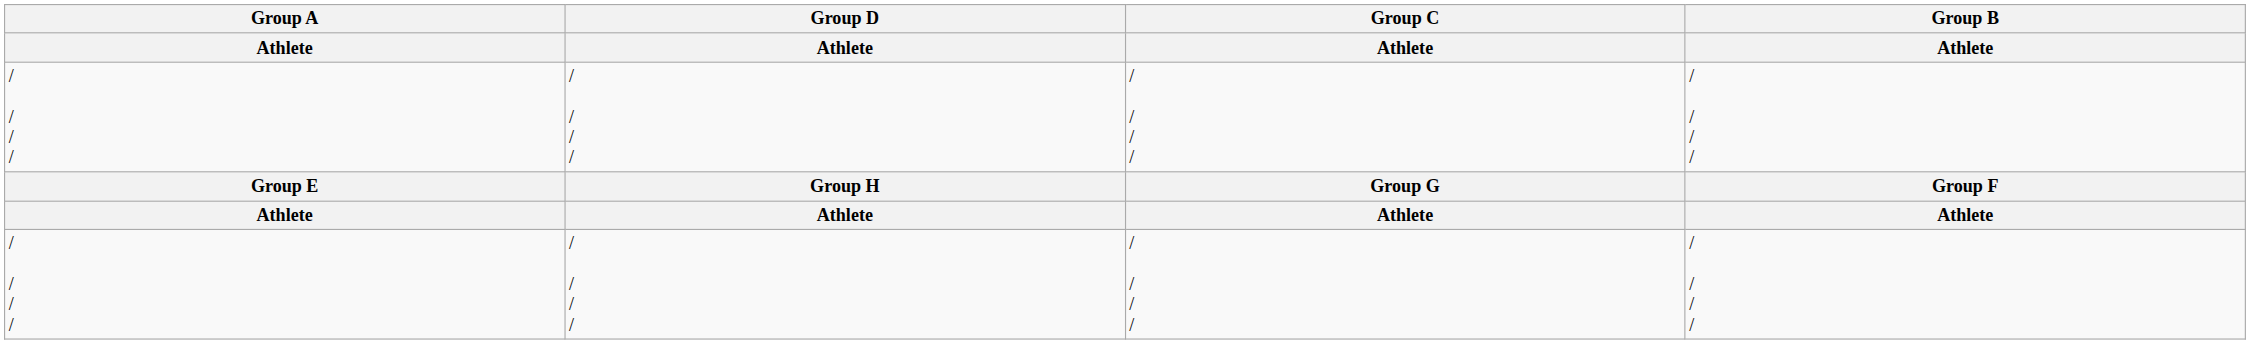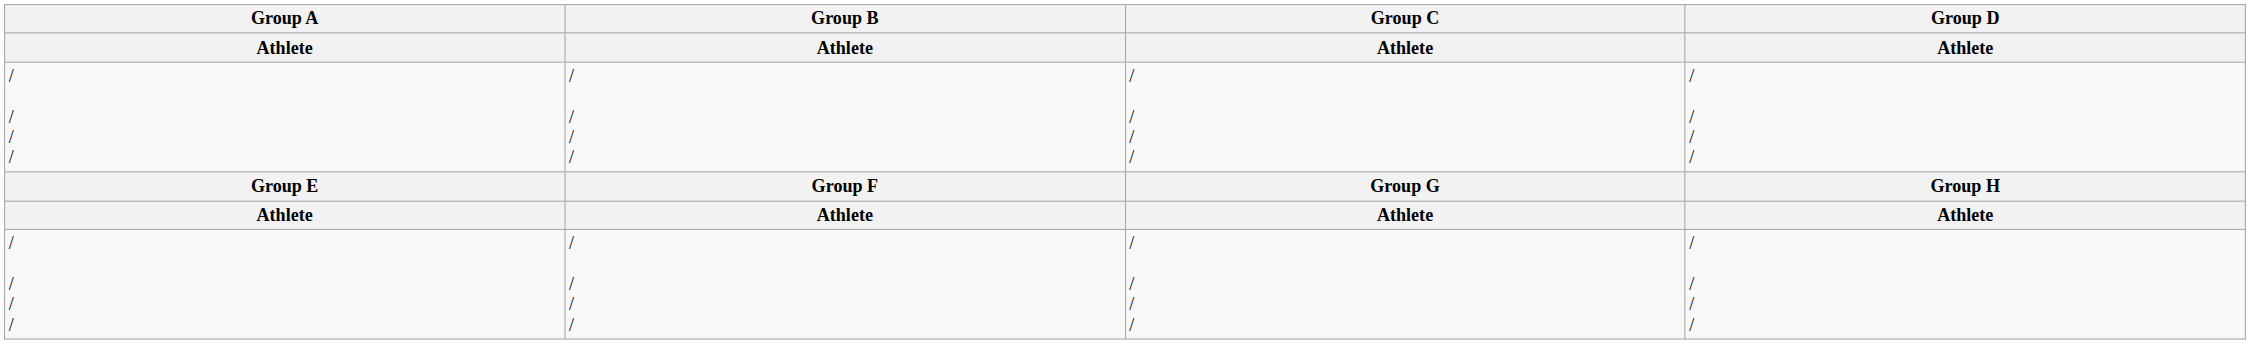 <table class="wikitable" width="100%">
 <tr>
 <th width="25%">Group A</th>
+<th width="25%">Group B</th>
+<th width="25%">Group C</th>
 <th width="25%">Group D</th>
-<th width="25%">Group C</th>
-<th width="25%">Group B</th>
 </tr>
 <tr>
 <th>Athlete</th>
 <th>Athlete</th>
 <th>Athlete</th>
 <th>Athlete</th>
 </tr>
 <tr>
 <td>/<br><br>/<br> /<br> /</td>
 <td>/<br><br>/<br> /<br> /</td>
 <td>/<br><br>/<br> /<br> /</td>
 <td>/<br><br>/<br> /<br> /</td>
 </tr>
 <tr>
 <th>Group E</th>
+<th>Group F</th>
+<th>Group G</th>
 <th>Group H</th>
-<th>Group G</th>
-<th>Group F</th>
 </tr>
 <tr>
 <th>Athlete</th>
 <th>Athlete</th>
 <th>Athlete</th>
 <th>Athlete</th>
 </tr>
 <tr>
 <td>/<br><br>/<br> /<br> /</td>
 <td>/<br><br>/<br> /<br> /</td>
 <td>/<br><br>/<br> /<br> /</td>
 <td>/<br><br>/<br> /<br> /</td>
 </tr>
 </table>
